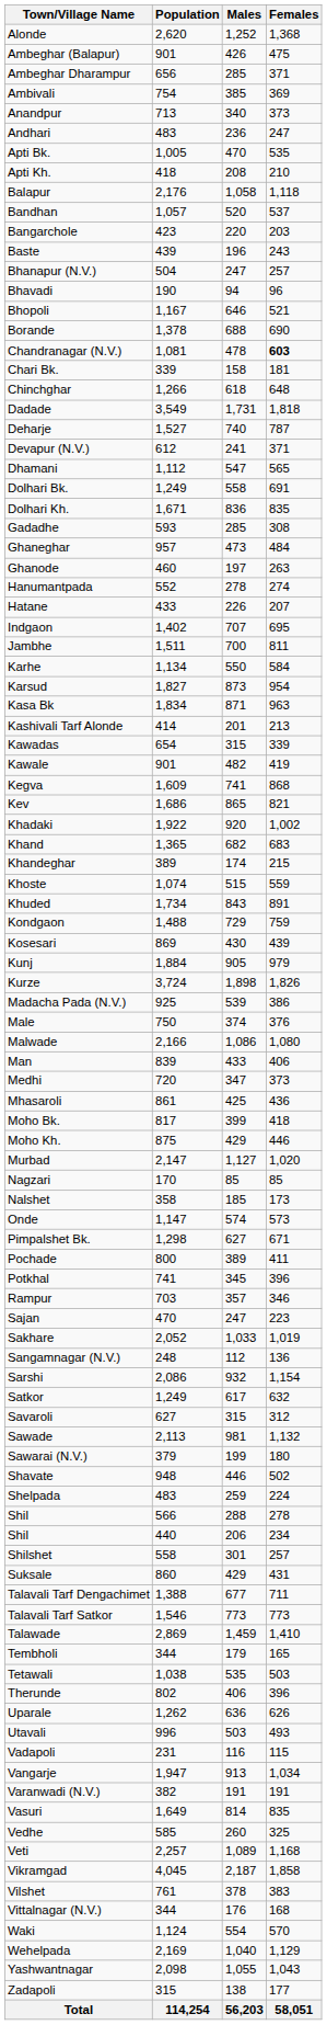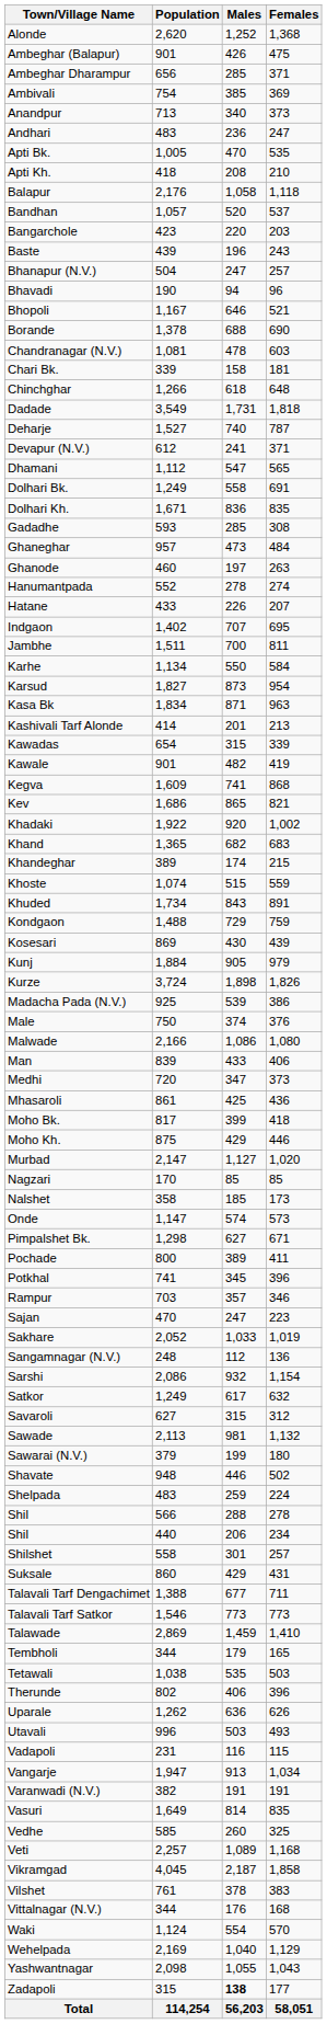 <table class="wikitable sortable collapsible collapsed">
 <tr>
 <th>Town/Village Name</th>
 <th>Population</th>
 <th>Males</th>
 <th>Females</th>
 </tr>
 <tr>
 <td>Alonde</td>
 <td>2,620</td>
 <td>1,252</td>
 <td>1,368</td>
 </tr>
 <tr>
 <td>Ambeghar (Balapur)</td>
 <td>901</td>
 <td>426</td>
 <td>475</td>
 </tr>
 <tr>
 <td>Ambeghar Dharampur</td>
 <td>656</td>
 <td>285</td>
 <td>371</td>
 </tr>
 <tr>
 <td>Ambivali</td>
 <td>754</td>
 <td>385</td>
 <td>369</td>
 </tr>
 <tr>
 <td>Anandpur</td>
 <td>713</td>
 <td>340</td>
 <td>373</td>
 </tr>
 <tr>
 <td>Andhari</td>
 <td>483</td>
 <td>236</td>
 <td>247</td>
 </tr>
 <tr>
 <td>Apti Bk.</td>
 <td>1,005</td>
 <td>470</td>
 <td>535</td>
 </tr>
 <tr>
 <td>Apti Kh.</td>
 <td>418</td>
 <td>208</td>
 <td>210</td>
 </tr>
 <tr>
 <td>Balapur</td>
 <td>2,176</td>
 <td>1,058</td>
 <td>1,118</td>
 </tr>
 <tr>
 <td>Bandhan</td>
 <td>1,057</td>
 <td>520</td>
 <td>537</td>
 </tr>
 <tr>
 <td>Bangarchole</td>
 <td>423</td>
 <td>220</td>
 <td>203</td>
 </tr>
 <tr>
 <td>Baste</td>
 <td>439</td>
 <td>196</td>
 <td>243</td>
 </tr>
 <tr>
 <td>Bhanapur (N.V.)</td>
 <td>504</td>
 <td>247</td>
 <td>257</td>
 </tr>
 <tr>
 <td>Bhavadi</td>
 <td>190</td>
 <td>94</td>
 <td>96</td>
 </tr>
 <tr>
 <td>Bhopoli</td>
 <td>1,167</td>
 <td>646</td>
 <td>521</td>
 </tr>
 <tr>
 <td>Borande</td>
 <td>1,378</td>
 <td>688</td>
 <td>690</td>
 </tr>
 <tr>
 <td>Chandranagar (N.V.)</td>
 <td>1,081</td>
 <td>478</td>
-<td><strong>603</strong></td>
+<td>603</td>
 </tr>
 <tr>
 <td>Chari Bk.</td>
 <td>339</td>
 <td>158</td>
 <td>181</td>
 </tr>
 <tr>
 <td>Chinchghar</td>
 <td>1,266</td>
 <td>618</td>
 <td>648</td>
 </tr>
 <tr>
 <td>Dadade</td>
 <td>3,549</td>
 <td>1,731</td>
 <td>1,818</td>
 </tr>
 <tr>
 <td>Deharje</td>
 <td>1,527</td>
 <td>740</td>
 <td>787</td>
 </tr>
 <tr>
 <td>Devapur (N.V.)</td>
 <td>612</td>
 <td>241</td>
 <td>371</td>
 </tr>
 <tr>
 <td>Dhamani</td>
 <td>1,112</td>
 <td>547</td>
 <td>565</td>
 </tr>
 <tr>
 <td>Dolhari Bk.</td>
 <td>1,249</td>
 <td>558</td>
 <td>691</td>
 </tr>
 <tr>
 <td>Dolhari Kh.</td>
 <td>1,671</td>
 <td>836</td>
 <td>835</td>
 </tr>
 <tr>
 <td>Gadadhe</td>
 <td>593</td>
 <td>285</td>
 <td>308</td>
 </tr>
 <tr>
 <td>Ghaneghar</td>
 <td>957</td>
 <td>473</td>
 <td>484</td>
 </tr>
 <tr>
 <td>Ghanode</td>
 <td>460</td>
 <td>197</td>
 <td>263</td>
 </tr>
 <tr>
 <td>Hanumantpada</td>
 <td>552</td>
 <td>278</td>
 <td>274</td>
 </tr>
 <tr>
 <td>Hatane</td>
 <td>433</td>
 <td>226</td>
 <td>207</td>
 </tr>
 <tr>
 <td>Indgaon</td>
 <td>1,402</td>
 <td>707</td>
 <td>695</td>
 </tr>
 <tr>
 <td>Jambhe</td>
 <td>1,511</td>
 <td>700</td>
 <td>811</td>
 </tr>
 <tr>
 <td>Karhe</td>
 <td>1,134</td>
 <td>550</td>
 <td>584</td>
 </tr>
 <tr>
 <td>Karsud</td>
 <td>1,827</td>
 <td>873</td>
 <td>954</td>
 </tr>
 <tr>
 <td>Kasa Bk</td>
 <td>1,834</td>
 <td>871</td>
 <td>963</td>
 </tr>
 <tr>
 <td>Kashivali Tarf Alonde</td>
 <td>414</td>
 <td>201</td>
 <td>213</td>
 </tr>
 <tr>
 <td>Kawadas</td>
 <td>654</td>
 <td>315</td>
 <td>339</td>
 </tr>
 <tr>
 <td>Kawale</td>
 <td>901</td>
 <td>482</td>
 <td>419</td>
 </tr>
 <tr>
 <td>Kegva</td>
 <td>1,609</td>
 <td>741</td>
 <td>868</td>
 </tr>
 <tr>
 <td>Kev</td>
 <td>1,686</td>
 <td>865</td>
 <td>821</td>
 </tr>
 <tr>
 <td>Khadaki</td>
 <td>1,922</td>
 <td>920</td>
 <td>1,002</td>
 </tr>
 <tr>
 <td>Khand</td>
 <td>1,365</td>
 <td>682</td>
 <td>683</td>
 </tr>
 <tr>
 <td>Khandeghar</td>
 <td>389</td>
 <td>174</td>
 <td>215</td>
 </tr>
 <tr>
 <td>Khoste</td>
 <td>1,074</td>
 <td>515</td>
 <td>559</td>
 </tr>
 <tr>
 <td>Khuded</td>
 <td>1,734</td>
 <td>843</td>
 <td>891</td>
 </tr>
 <tr>
 <td>Kondgaon</td>
 <td>1,488</td>
 <td>729</td>
 <td>759</td>
 </tr>
 <tr>
 <td>Kosesari</td>
 <td>869</td>
 <td>430</td>
 <td>439</td>
 </tr>
 <tr>
 <td>Kunj</td>
 <td>1,884</td>
 <td>905</td>
 <td>979</td>
 </tr>
 <tr>
 <td>Kurze</td>
 <td>3,724</td>
 <td>1,898</td>
 <td>1,826</td>
 </tr>
 <tr>
 <td>Madacha Pada (N.V.)</td>
 <td>925</td>
 <td>539</td>
 <td>386</td>
 </tr>
 <tr>
 <td>Male</td>
 <td>750</td>
 <td>374</td>
 <td>376</td>
 </tr>
 <tr>
 <td>Malwade</td>
 <td>2,166</td>
 <td>1,086</td>
 <td>1,080</td>
 </tr>
 <tr>
 <td>Man</td>
 <td>839</td>
 <td>433</td>
 <td>406</td>
 </tr>
 <tr>
 <td>Medhi</td>
 <td>720</td>
 <td>347</td>
 <td>373</td>
 </tr>
 <tr>
 <td>Mhasaroli</td>
 <td>861</td>
 <td>425</td>
 <td>436</td>
 </tr>
 <tr>
 <td>Moho Bk.</td>
 <td>817</td>
 <td>399</td>
 <td>418</td>
 </tr>
 <tr>
 <td>Moho Kh.</td>
 <td>875</td>
 <td>429</td>
 <td>446</td>
 </tr>
 <tr>
 <td>Murbad</td>
 <td>2,147</td>
 <td>1,127</td>
 <td>1,020</td>
 </tr>
 <tr>
 <td>Nagzari</td>
 <td>170</td>
 <td>85</td>
 <td>85</td>
 </tr>
 <tr>
 <td>Nalshet</td>
 <td>358</td>
 <td>185</td>
 <td>173</td>
 </tr>
 <tr>
 <td>Onde</td>
 <td>1,147</td>
 <td>574</td>
 <td>573</td>
 </tr>
 <tr>
 <td>Pimpalshet Bk.</td>
 <td>1,298</td>
 <td>627</td>
 <td>671</td>
 </tr>
 <tr>
 <td>Pochade</td>
 <td>800</td>
 <td>389</td>
 <td>411</td>
 </tr>
 <tr>
 <td>Potkhal</td>
 <td>741</td>
 <td>345</td>
 <td>396</td>
 </tr>
 <tr>
 <td>Rampur</td>
 <td>703</td>
 <td>357</td>
 <td>346</td>
 </tr>
 <tr>
 <td>Sajan</td>
 <td>470</td>
 <td>247</td>
 <td>223</td>
 </tr>
 <tr>
 <td>Sakhare</td>
 <td>2,052</td>
 <td>1,033</td>
 <td>1,019</td>
 </tr>
 <tr>
 <td>Sangamnagar (N.V.)</td>
 <td>248</td>
 <td>112</td>
 <td>136</td>
 </tr>
 <tr>
 <td>Sarshi</td>
 <td>2,086</td>
 <td>932</td>
 <td>1,154</td>
 </tr>
 <tr>
 <td>Satkor</td>
 <td>1,249</td>
 <td>617</td>
 <td>632</td>
 </tr>
 <tr>
 <td>Savaroli</td>
 <td>627</td>
 <td>315</td>
 <td>312</td>
 </tr>
 <tr>
 <td>Sawade</td>
 <td>2,113</td>
 <td>981</td>
 <td>1,132</td>
 </tr>
 <tr>
 <td>Sawarai (N.V.)</td>
 <td>379</td>
 <td>199</td>
 <td>180</td>
 </tr>
 <tr>
 <td>Shavate</td>
 <td>948</td>
 <td>446</td>
 <td>502</td>
 </tr>
 <tr>
 <td>Shelpada</td>
 <td>483</td>
 <td>259</td>
 <td>224</td>
 </tr>
 <tr>
 <td>Shil</td>
 <td>566</td>
 <td>288</td>
 <td>278</td>
 </tr>
 <tr>
 <td>Shil</td>
 <td>440</td>
 <td>206</td>
 <td>234</td>
 </tr>
 <tr>
 <td>Shilshet</td>
 <td>558</td>
 <td>301</td>
 <td>257</td>
 </tr>
 <tr>
 <td>Suksale</td>
 <td>860</td>
 <td>429</td>
 <td>431</td>
 </tr>
 <tr>
 <td>Talavali Tarf Dengachimet</td>
 <td>1,388</td>
 <td>677</td>
 <td>711</td>
 </tr>
 <tr>
 <td>Talavali Tarf Satkor</td>
 <td>1,546</td>
 <td>773</td>
 <td>773</td>
 </tr>
 <tr>
 <td>Talawade</td>
 <td>2,869</td>
 <td>1,459</td>
 <td>1,410</td>
 </tr>
 <tr>
 <td>Tembholi</td>
 <td>344</td>
 <td>179</td>
 <td>165</td>
 </tr>
 <tr>
 <td>Tetawali</td>
 <td>1,038</td>
 <td>535</td>
 <td>503</td>
 </tr>
 <tr>
 <td>Therunde</td>
 <td>802</td>
 <td>406</td>
 <td>396</td>
 </tr>
 <tr>
 <td>Uparale</td>
 <td>1,262</td>
 <td>636</td>
 <td>626</td>
 </tr>
 <tr>
 <td>Utavali</td>
 <td>996</td>
 <td>503</td>
 <td>493</td>
 </tr>
 <tr>
 <td>Vadapoli</td>
 <td>231</td>
 <td>116</td>
 <td>115</td>
 </tr>
 <tr>
 <td>Vangarje</td>
 <td>1,947</td>
 <td>913</td>
 <td>1,034</td>
 </tr>
 <tr>
 <td>Varanwadi (N.V.)</td>
 <td>382</td>
 <td>191</td>
 <td>191</td>
 </tr>
 <tr>
 <td>Vasuri</td>
 <td>1,649</td>
 <td>814</td>
 <td>835</td>
 </tr>
 <tr>
 <td>Vedhe</td>
 <td>585</td>
 <td>260</td>
 <td>325</td>
 </tr>
 <tr>
 <td>Veti</td>
 <td>2,257</td>
 <td>1,089</td>
 <td>1,168</td>
 </tr>
 <tr>
 <td>Vikramgad</td>
 <td>4,045</td>
 <td>2,187</td>
 <td>1,858</td>
 </tr>
 <tr>
 <td>Vilshet</td>
 <td>761</td>
 <td>378</td>
 <td>383</td>
 </tr>
 <tr>
 <td>Vittalnagar (N.V.)</td>
 <td>344</td>
 <td>176</td>
 <td>168</td>
 </tr>
 <tr>
 <td>Waki</td>
 <td>1,124</td>
 <td>554</td>
 <td>570</td>
 </tr>
 <tr>
 <td>Wehelpada</td>
 <td>2,169</td>
 <td>1,040</td>
 <td>1,129</td>
 </tr>
 <tr>
 <td>Yashwantnagar</td>
 <td>2,098</td>
 <td>1,055</td>
 <td>1,043</td>
 </tr>
 <tr>
 <td>Zadapoli</td>
 <td>315</td>
-<td>138</td>
+<td><strong>138</strong></td>
 <td>177</td>
 </tr>
 <tr>
 <th>Total</th>
 <th>114,254</th>
 <th>56,203</th>
 <th>58,051</th>
 </tr>
 </table>
